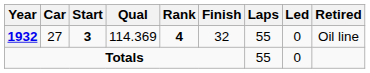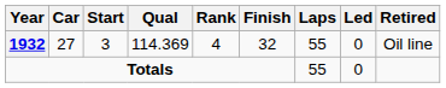 <table class="wikitable" style="text-align:center">
 <tr>
 <th>Year</th>
 <th>Car</th>
 <th>Start</th>
 <th>Qual</th>
 <th>Rank</th>
 <th>Finish</th>
 <th>Laps</th>
 <th>Led</th>
 <th>Retired</th>
 </tr>
 <tr>
 <th><a href='#'>1932</a></th>
 <td>27</td>
-<td><strong>3</strong></td>
+<td>3</td>
 <td>114.369</td>
-<td><strong>4</strong></td>
+<td>4</td>
 <td>32</td>
 <td>55</td>
 <td>0</td>
 <td>Oil line</td>
 </tr>
 <tr>
 <td colspan=6><strong>Totals</strong></td>
 <td>55</td>
 <td>0</td>
 <td></td>
 </tr>
 </table>
